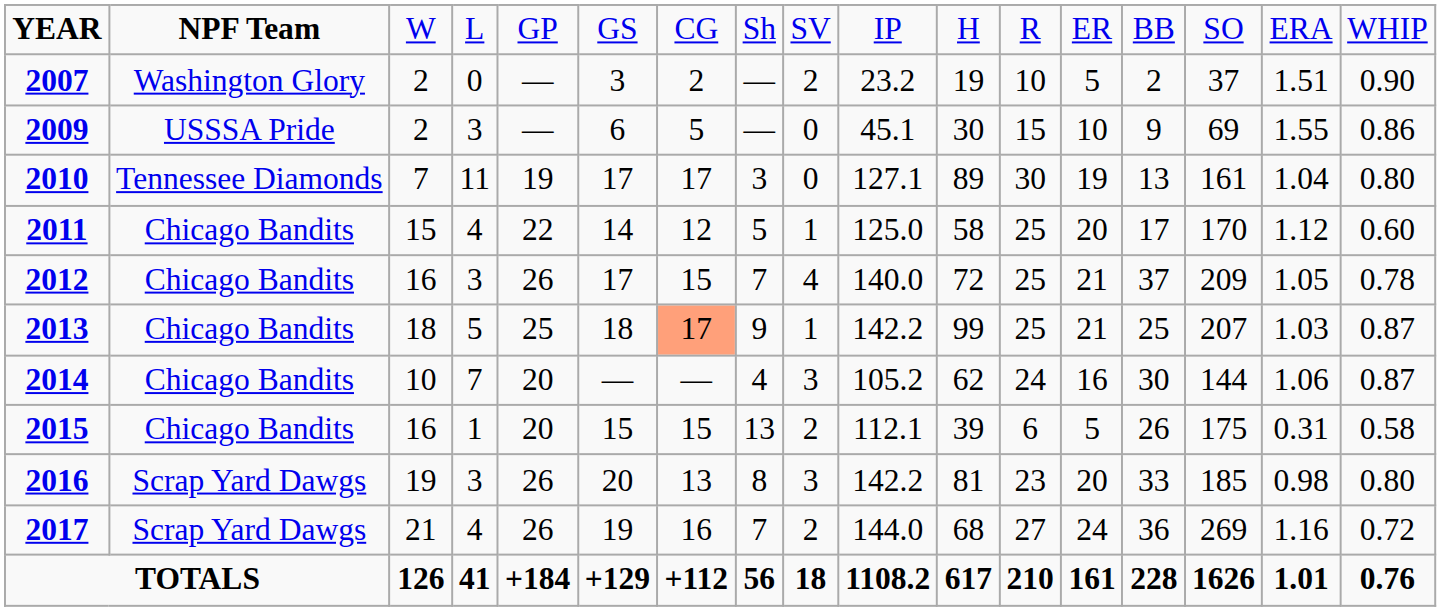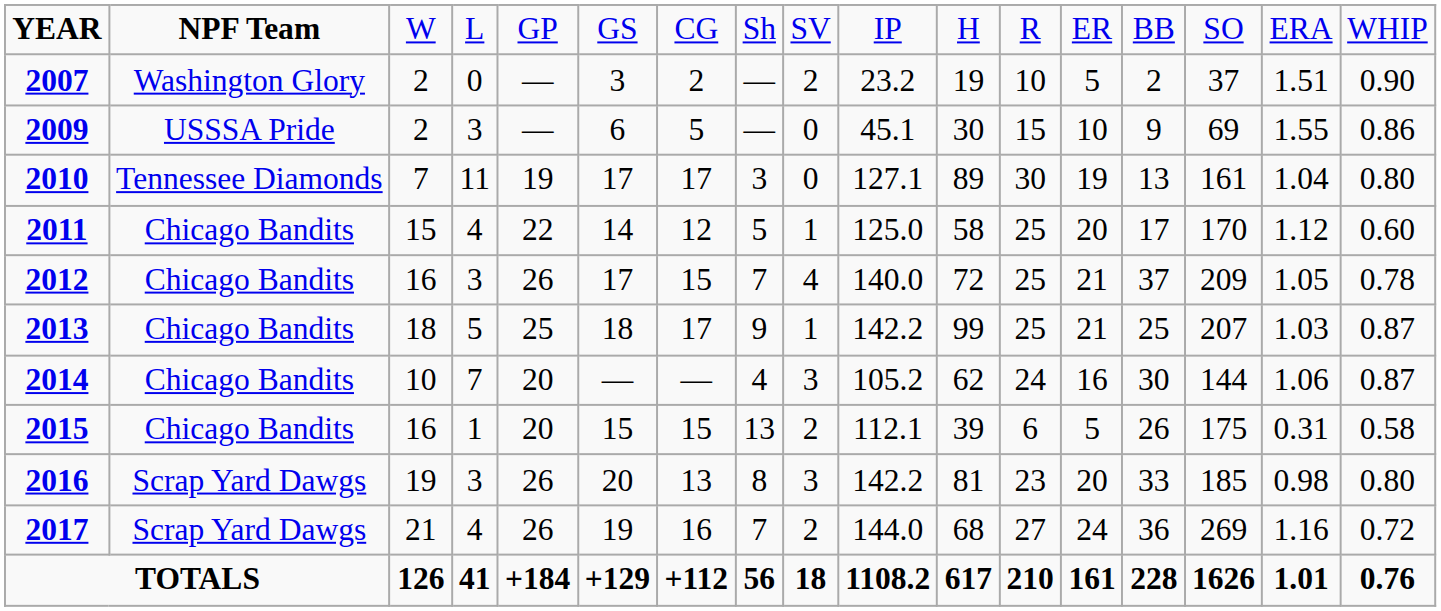 <table class="wikitable" style="text-align:center;">
 <tr>
 <td><strong>YEAR</strong></td>
 <td><strong>NPF Team</strong></td>
 <td><a href='#'>W</a></td>
 <td><a href='#'>L</a></td>
 <td><a href='#'>GP</a></td>
 <td><a href='#'>GS</a></td>
 <td><a href='#'>CG</a></td>
 <td><a href='#'>Sh</a></td>
 <td><a href='#'>SV</a></td>
 <td><a href='#'>IP</a></td>
 <td><a href='#'>H</a></td>
 <td><a href='#'>R</a></td>
 <td><a href='#'>ER</a></td>
 <td><a href='#'>BB</a></td>
 <td><a href='#'>SO</a></td>
 <td><a href='#'>ERA</a></td>
 <td><a href='#'>WHIP</a></td>
 </tr>
 <tr>
 <td><strong><a href='#'>2007</a></strong></td>
 <td><a href='#'>Washington Glory</a></td>
 <td>2</td>
 <td>0</td>
 <td>—</td>
 <td>3</td>
 <td>2</td>
 <td>—</td>
 <td>2</td>
 <td>23.2</td>
 <td>19</td>
 <td>10</td>
 <td>5</td>
 <td>2</td>
 <td>37</td>
 <td>1.51</td>
 <td>0.90</td>
 </tr>
 <tr>
 <td><strong><a href='#'>2009</a></strong></td>
 <td><a href='#'>USSSA Pride</a></td>
 <td>2</td>
 <td>3</td>
 <td>—</td>
 <td>6</td>
 <td>5</td>
 <td>—</td>
 <td>0</td>
 <td>45.1</td>
 <td>30</td>
 <td>15</td>
 <td>10</td>
 <td>9</td>
 <td>69</td>
 <td>1.55</td>
 <td>0.86</td>
 </tr>
 <tr>
 <td><strong><a href='#'>2010</a></strong></td>
 <td><a href='#'>Tennessee Diamonds</a></td>
 <td>7</td>
 <td>11</td>
 <td>19</td>
 <td>17</td>
 <td>17</td>
 <td>3</td>
 <td>0</td>
 <td>127.1</td>
 <td>89</td>
 <td>30</td>
 <td>19</td>
 <td>13</td>
 <td>161</td>
 <td>1.04</td>
 <td>0.80</td>
 </tr>
 <tr>
 <td><strong><a href='#'>2011</a></strong></td>
 <td><a href='#'>Chicago Bandits</a></td>
 <td>15</td>
 <td>4</td>
 <td>22</td>
 <td>14</td>
 <td>12</td>
 <td>5</td>
 <td>1</td>
 <td>125.0</td>
 <td>58</td>
 <td>25</td>
 <td>20</td>
 <td>17</td>
 <td>170</td>
 <td>1.12</td>
 <td>0.60</td>
 </tr>
 <tr>
 <td><strong><a href='#'>2012</a></strong></td>
 <td><a href='#'>Chicago Bandits</a></td>
 <td>16</td>
 <td>3</td>
 <td>26</td>
 <td>17</td>
 <td>15</td>
 <td>7</td>
 <td>4</td>
 <td>140.0</td>
 <td>72</td>
 <td>25</td>
 <td>21</td>
 <td>37</td>
 <td>209</td>
 <td>1.05</td>
 <td>0.78</td>
 </tr>
 <tr>
 <td><strong><a href='#'>2013</a></strong></td>
 <td><a href='#'>Chicago Bandits</a></td>
 <td>18</td>
 <td>5</td>
 <td>25</td>
 <td>18</td>
-<td style="background: lightsalmon;">17</td>
+<td>17</td>
 <td>9</td>
 <td>1</td>
 <td>142.2</td>
 <td>99</td>
 <td>25</td>
 <td>21</td>
 <td>25</td>
 <td>207</td>
 <td>1.03</td>
 <td>0.87</td>
 </tr>
 <tr>
 <td><strong><a href='#'>2014</a></strong></td>
 <td><a href='#'>Chicago Bandits</a></td>
 <td>10</td>
 <td>7</td>
 <td>20</td>
 <td>—</td>
 <td>—</td>
 <td>4</td>
 <td>3</td>
 <td>105.2</td>
 <td>62</td>
 <td>24</td>
 <td>16</td>
 <td>30</td>
 <td>144</td>
 <td>1.06</td>
 <td>0.87</td>
 </tr>
 <tr>
 <td><strong><a href='#'>2015</a></strong></td>
 <td><a href='#'>Chicago Bandits</a></td>
 <td>16</td>
 <td>1</td>
 <td>20</td>
 <td>15</td>
 <td>15</td>
 <td>13</td>
 <td>2</td>
 <td>112.1</td>
 <td>39</td>
 <td>6</td>
 <td>5</td>
 <td>26</td>
 <td>175</td>
 <td>0.31</td>
 <td>0.58</td>
 </tr>
 <tr>
 <td><strong><a href='#'>2016</a></strong></td>
 <td><a href='#'>Scrap Yard Dawgs</a></td>
 <td>19</td>
 <td>3</td>
 <td>26</td>
 <td>20</td>
 <td>13</td>
 <td>8</td>
 <td>3</td>
 <td>142.2</td>
 <td>81</td>
 <td>23</td>
 <td>20</td>
 <td>33</td>
 <td>185</td>
 <td>0.98</td>
 <td>0.80</td>
 </tr>
 <tr>
 <td><strong><a href='#'>2017</a></strong></td>
 <td><a href='#'>Scrap Yard Dawgs</a></td>
 <td>21</td>
 <td>4</td>
 <td>26</td>
 <td>19</td>
 <td>16</td>
 <td>7</td>
 <td>2</td>
 <td>144.0</td>
 <td>68</td>
 <td>27</td>
 <td>24</td>
 <td>36</td>
 <td>269</td>
 <td>1.16</td>
 <td>0.72</td>
 </tr>
 <tr>
 <td colspan = 2><strong>TOTALS</strong></td>
 <td><strong>126</strong></td>
 <td><strong>41</strong></td>
 <td><strong>+184</strong></td>
 <td><strong>+129</strong></td>
 <td><strong>+112</strong></td>
 <td><strong>56</strong></td>
 <td><strong>18</strong></td>
 <td><strong>1108.2</strong></td>
 <td><strong>617</strong></td>
 <td><strong>210</strong></td>
 <td><strong>161</strong></td>
 <td><strong>228</strong></td>
 <td><strong>1626</strong></td>
 <td><strong>1.01</strong></td>
 <td><strong>0.76</strong></td>
 </tr>
 </table>
